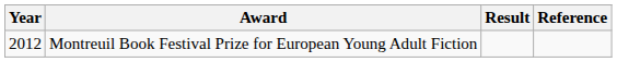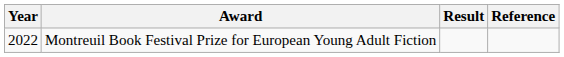 <table class="wikitable">
 <tr>
 <th>Year</th>
 <th>Award</th>
 <th>Result</th>
 <th>Reference</th>
 </tr>
 <tr>
-<td>2012</td>
+<td>2022</td>
 <td>Montreuil Book Festival Prize for European Young Adult Fiction</td>
 <td></td>
 <td></td>
 </tr>
 </table>
